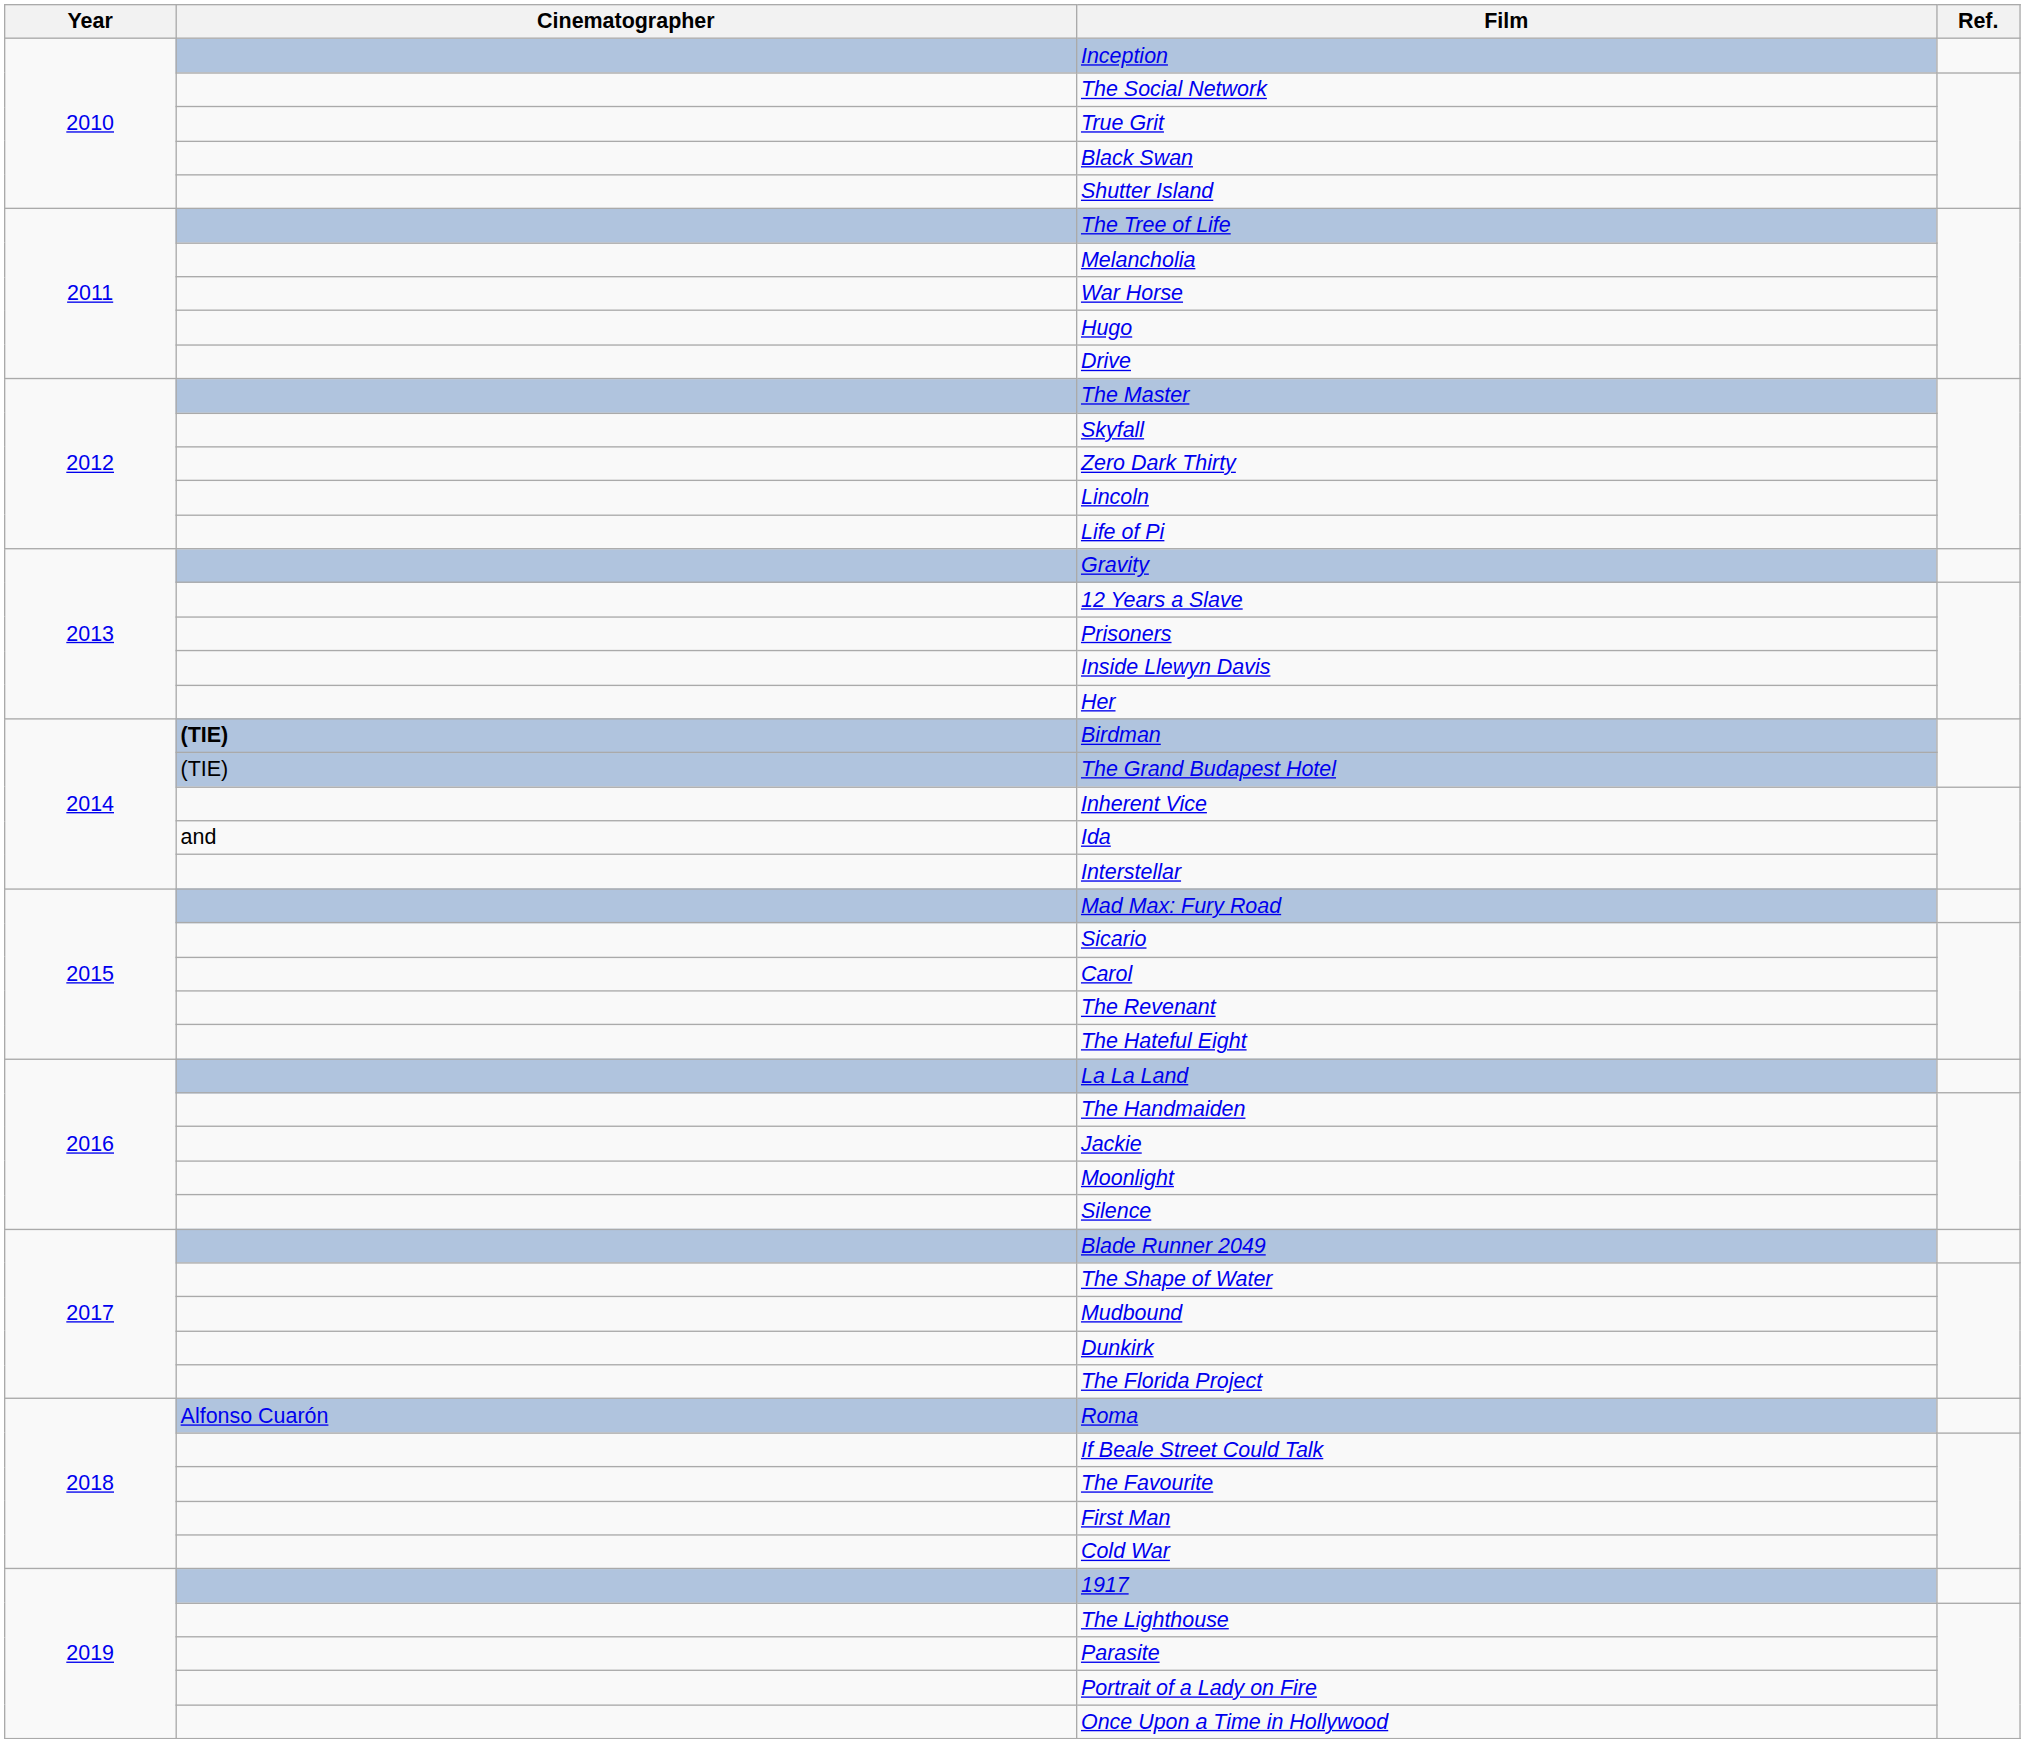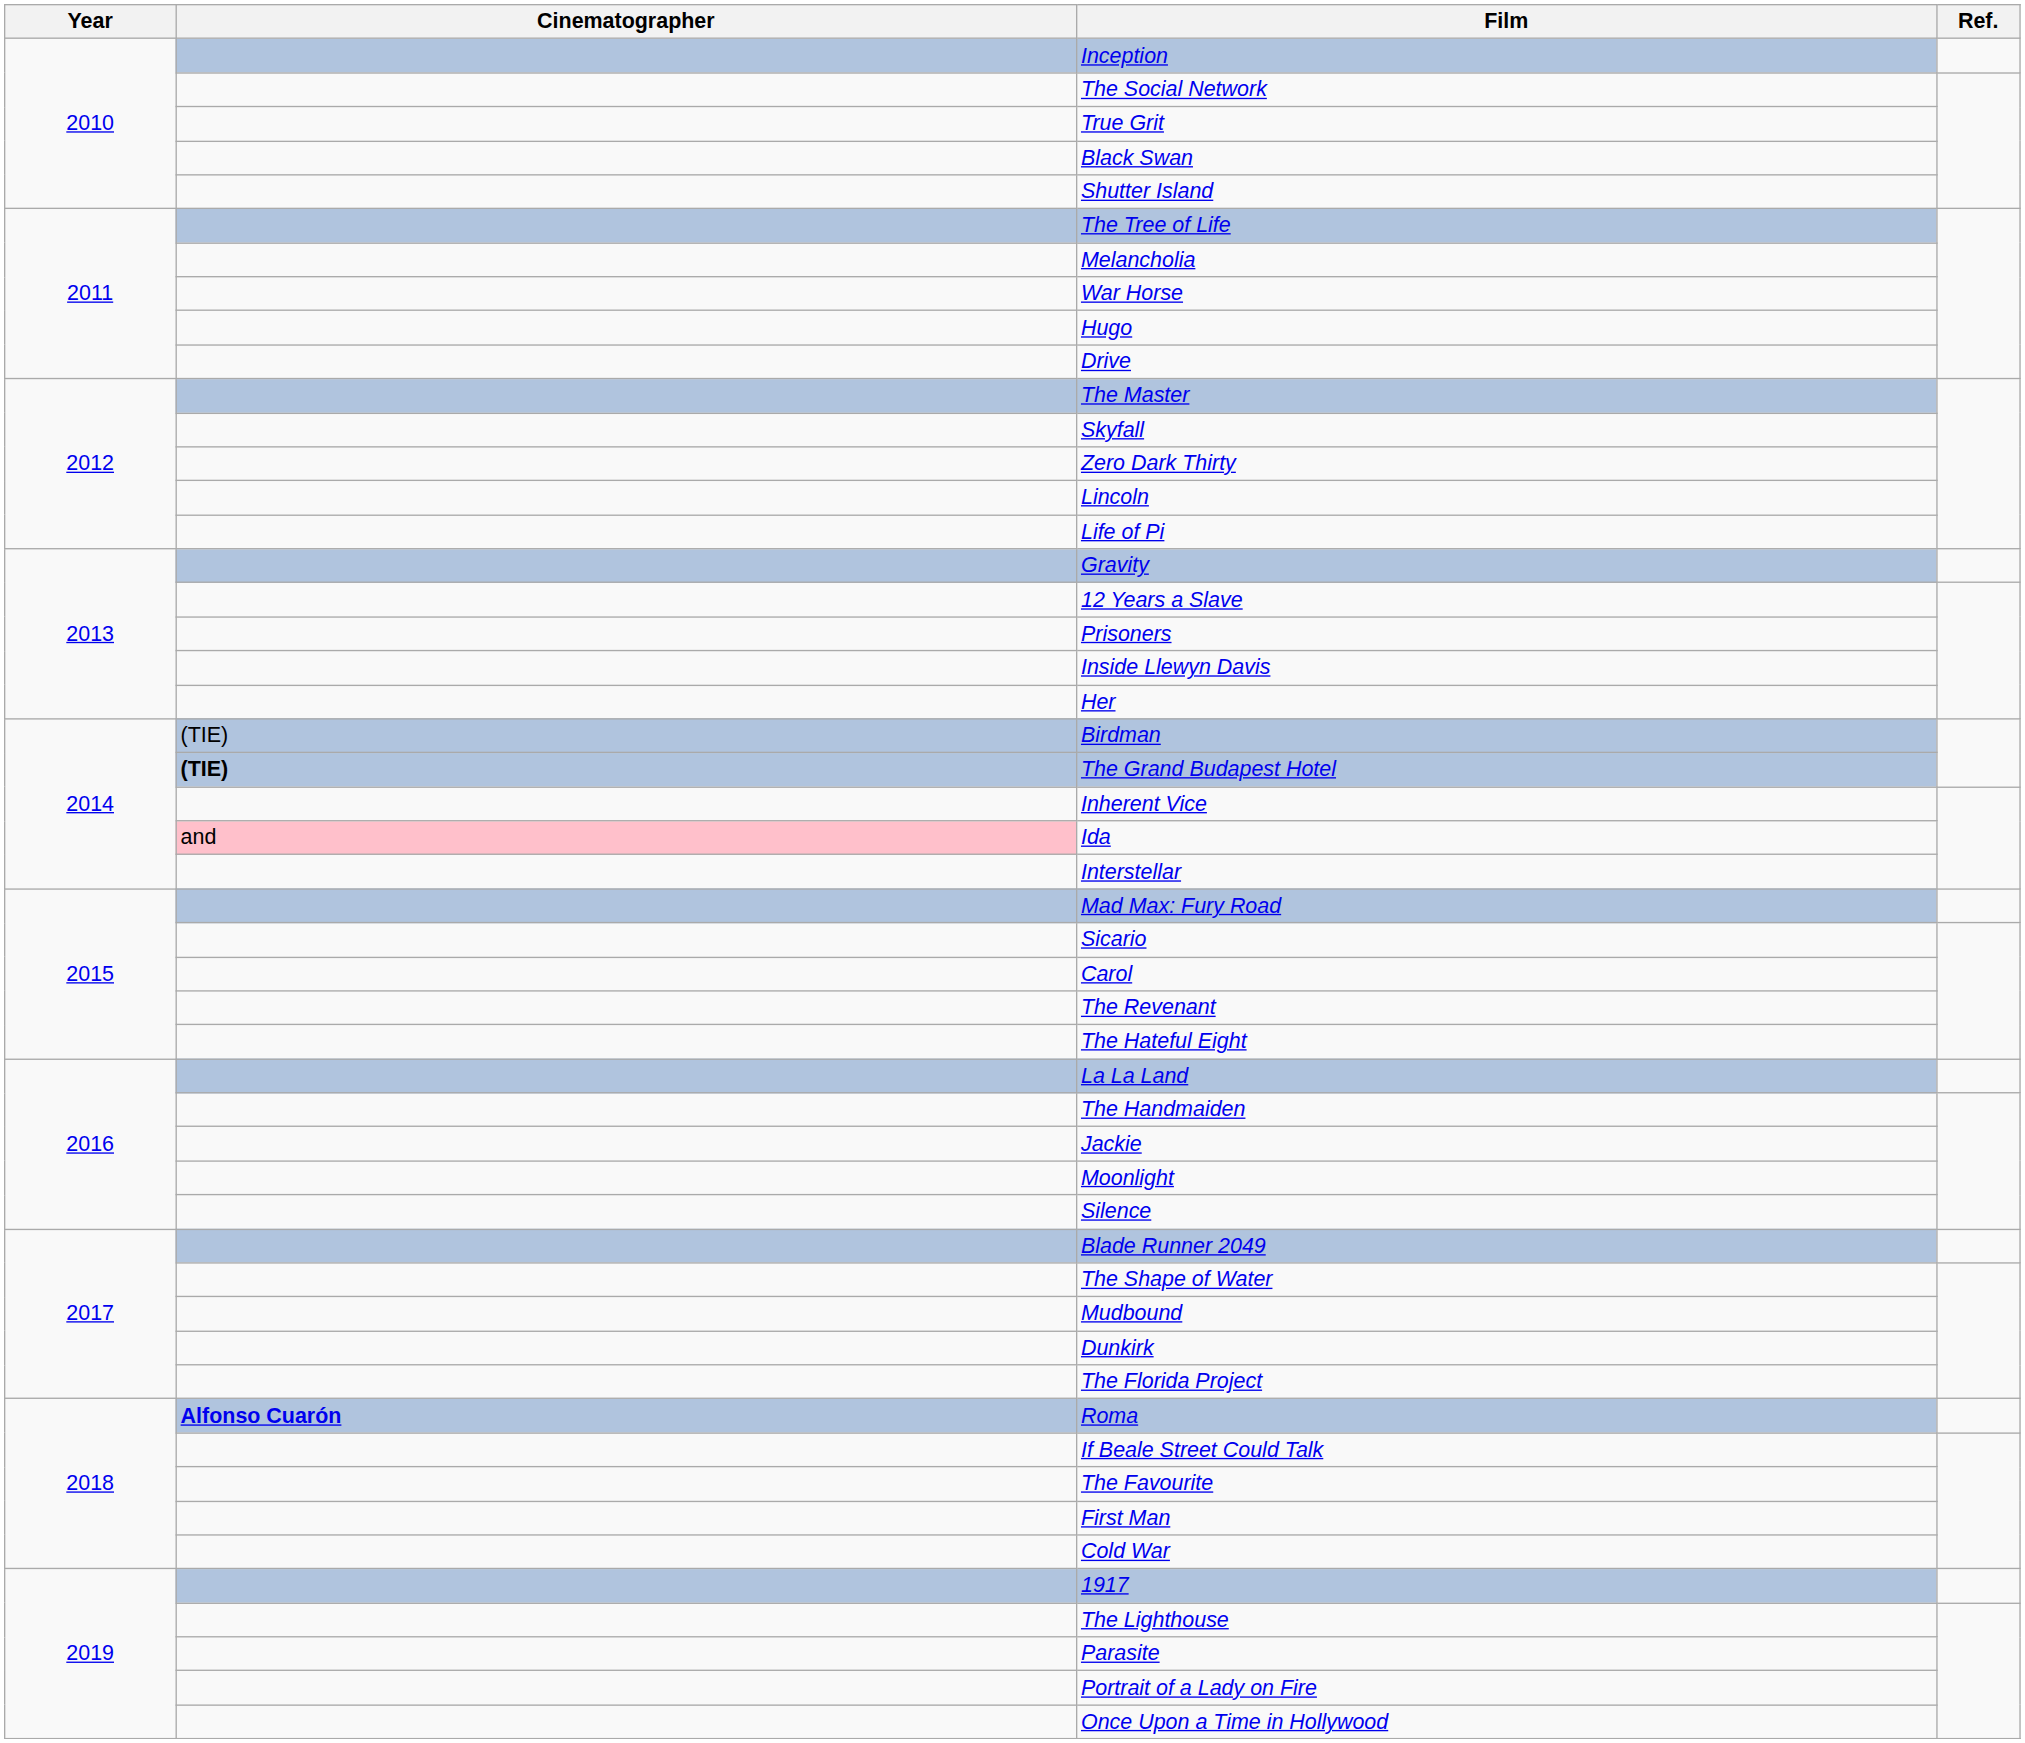 <table class="wikitable sortable" width="95%" cellpadding="5">
 <tr>
 <th scope="col" width="70">Year</th>
 <th scope="col" width="400">Cinematographer</th>
 <th scope="col" width="382">Film</th>
 <th scope="col" width="30">Ref.</th>
 </tr>
 <tr>
 <td rowspan="5" style="text-align:center;"><a href='#'>2010</a></td>
 <td style="background:#B0C4DE;"></td>
 <td style="background:#B0C4DE;"><em><a href='#'>Inception</a></em></td>
 <td align="center"></td>
 </tr>
 <tr>
 <td></td>
 <td><em><a href='#'>The Social Network</a></em></td>
 <td rowspan="4" align="center"></td>
 </tr>
 <tr>
 <td></td>
 <td><em><a href='#'>True Grit</a></em></td>
 </tr>
 <tr>
 <td></td>
 <td><em><a href='#'>Black Swan</a></em></td>
 </tr>
 <tr>
 <td></td>
 <td><em><a href='#'>Shutter Island</a></em></td>
 </tr>
 <tr>
 <td rowspan="5" style="text-align:center;"><a href='#'>2011</a></td>
 <td style="background:#B0C4DE;"></td>
 <td style="background:#B0C4DE;"><em><a href='#'>The Tree of Life</a></em></td>
 <td rowspan="5" align="center"></td>
 </tr>
 <tr>
 <td></td>
 <td><em><a href='#'>Melancholia</a></em></td>
 </tr>
 <tr>
 <td></td>
 <td><em><a href='#'>War Horse</a></em></td>
 </tr>
 <tr>
 <td></td>
 <td><em><a href='#'>Hugo</a></em></td>
 </tr>
 <tr>
 <td></td>
 <td><em><a href='#'>Drive</a></em></td>
 </tr>
 <tr>
 <td rowspan="5" style="text-align:center;"><a href='#'>2012</a></td>
 <td style="background:#B0C4DE;"></td>
 <td style="background:#B0C4DE;"><em><a href='#'>The Master</a></em></td>
 <td rowspan="5" align="center"></td>
 </tr>
 <tr>
 <td></td>
 <td><em><a href='#'>Skyfall</a></em></td>
 </tr>
 <tr>
 <td></td>
 <td><em><a href='#'>Zero Dark Thirty</a></em></td>
 </tr>
 <tr>
 <td></td>
 <td><em><a href='#'>Lincoln</a></em></td>
 </tr>
 <tr>
 <td></td>
 <td><em><a href='#'>Life of Pi</a></em></td>
 </tr>
 <tr>
 <td rowspan="5" style="text-align:center;"><a href='#'>2013</a></td>
 <td style="background:#B0C4DE;"></td>
 <td style="background:#B0C4DE;"><em><a href='#'>Gravity</a></em></td>
 <td align="center"></td>
 </tr>
 <tr>
 <td></td>
 <td><em><a href='#'>12 Years a Slave</a></em></td>
 <td rowspan="4" align="center"></td>
 </tr>
 <tr>
 <td></td>
 <td><em><a href='#'>Prisoners</a></em></td>
 </tr>
 <tr>
 <td></td>
 <td><em><a href='#'>Inside Llewyn Davis</a></em></td>
 </tr>
 <tr>
 <td></td>
 <td><em><a href='#'>Her</a></em></td>
 </tr>
 <tr>
 <td rowspan="5" style="text-align:center;"><a href='#'>2014</a></td>
-<td style="background:#B0C4DE;"><strong> (TIE)</strong></td>
+<td style="background:#B0C4DE;"> (TIE)</td>
 <td style="background:#B0C4DE;"><em><a href='#'>Birdman</a></em></td>
 <td rowspan="2" align="center"></td>
 </tr>
 <tr>
-<td style="background:#B0C4DE;"> (TIE)</td>
+<td style="background:#B0C4DE;"><strong> (TIE)</strong></td>
 <td style="background:#B0C4DE;"><em><a href='#'>The Grand Budapest Hotel</a></em></td>
 </tr>
 <tr>
 <td></td>
 <td><em><a href='#'>Inherent Vice</a></em></td>
 <td rowspan="3" align="center"></td>
 </tr>
 <tr>
-<td> and </td>
+<td style="background: pink;"> and </td>
 <td><em><a href='#'>Ida</a></em></td>
 </tr>
 <tr>
 <td></td>
 <td><em><a href='#'>Interstellar</a></em></td>
 </tr>
 <tr>
 <td rowspan="5" style="text-align:center;"><a href='#'>2015</a></td>
 <td style="background:#B0C4DE;"></td>
 <td style="background:#B0C4DE;"><em><a href='#'>Mad Max: Fury Road</a></em></td>
 <td align="center"></td>
 </tr>
 <tr>
 <td></td>
 <td><em><a href='#'>Sicario</a></em></td>
 <td rowspan="4" align="center"></td>
 </tr>
 <tr>
 <td></td>
 <td><em><a href='#'>Carol</a></em></td>
 </tr>
 <tr>
 <td></td>
 <td><em><a href='#'>The Revenant</a></em></td>
 </tr>
 <tr>
 <td></td>
 <td><em><a href='#'>The Hateful Eight</a></em></td>
 </tr>
 <tr>
 <td rowspan="5" style="text-align:center;"><a href='#'>2016</a></td>
 <td style="background:#B0C4DE;"></td>
 <td style="background:#B0C4DE;"><em><a href='#'>La La Land</a></em></td>
 <td align="center"></td>
 </tr>
 <tr>
 <td></td>
 <td><em><a href='#'>The Handmaiden</a></em></td>
 <td rowspan="4" align="center"></td>
 </tr>
 <tr>
 <td></td>
 <td><em><a href='#'>Jackie</a></em></td>
 </tr>
 <tr>
 <td></td>
 <td><em><a href='#'>Moonlight</a></em></td>
 </tr>
 <tr>
 <td></td>
 <td><em><a href='#'>Silence</a></em></td>
 </tr>
 <tr>
 <td rowspan="5" style="text-align:center;"><a href='#'>2017</a></td>
 <td style="background:#B0C4DE;"></td>
 <td style="background:#B0C4DE;"><em><a href='#'>Blade Runner 2049</a></em></td>
 <td align="center"></td>
 </tr>
 <tr>
 <td></td>
 <td><em><a href='#'>The Shape of Water</a></em></td>
 <td rowspan="4" align="center"></td>
 </tr>
 <tr>
 <td></td>
 <td><em><a href='#'>Mudbound</a></em></td>
 </tr>
 <tr>
 <td></td>
 <td><em><a href='#'>Dunkirk</a></em></td>
 </tr>
 <tr>
 <td></td>
 <td><em><a href='#'>The Florida Project</a></em></td>
 </tr>
 <tr>
 <td rowspan="5" style="text-align:center;"><a href='#'>2018</a></td>
-<td style="background:#B0C4DE;"><a href='#'>Alfonso Cuarón</a></td>
+<td style="background:#B0C4DE;"><strong><a href='#'>Alfonso Cuarón</a></strong></td>
 <td style="background:#B0C4DE;"><em><a href='#'>Roma</a></em></td>
 <td align="center"></td>
 </tr>
 <tr>
 <td></td>
 <td><em><a href='#'>If Beale Street Could Talk</a></em></td>
 <td rowspan="4" align="center"></td>
 </tr>
 <tr>
 <td></td>
 <td><em><a href='#'>The Favourite</a></em></td>
 </tr>
 <tr>
 <td></td>
 <td><em><a href='#'>First Man</a></em></td>
 </tr>
 <tr>
 <td></td>
 <td><em><a href='#'>Cold War</a></em></td>
 </tr>
 <tr>
 <td rowspan="5" style="text-align:center;"><a href='#'>2019</a></td>
 <td style="background:#B0C4DE;"></td>
 <td style="background:#B0C4DE;"><em><a href='#'>1917</a></em></td>
 <td align="center"></td>
 </tr>
 <tr>
 <td></td>
 <td><em><a href='#'>The Lighthouse</a></em></td>
 <td align="center" rowspan="4"></td>
 </tr>
 <tr>
 <td></td>
 <td><em><a href='#'>Parasite</a></em></td>
 </tr>
 <tr>
 <td></td>
 <td><em><a href='#'>Portrait of a Lady on Fire</a></em></td>
 </tr>
 <tr>
 <td></td>
 <td><em><a href='#'>Once Upon a Time in Hollywood</a></em></td>
 </tr>
 <tr>
 </tr>
 </table>
